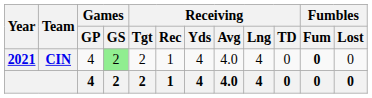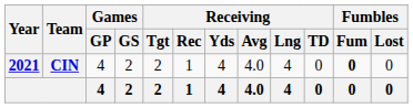 <table class="wikitable" style="text-align: center;">
 <tr>
 <th rowspan="2">Year</th>
 <th rowspan="2">Team</th>
 <th colspan="2">Games</th>
 <th colspan="6">Receiving</th>
 <th colspan="2">Fumbles</th>
 </tr>
 <tr>
 <th>GP</th>
 <th>GS</th>
 <th>Tgt</th>
 <th>Rec</th>
 <th>Yds</th>
 <th>Avg</th>
 <th>Lng</th>
 <th>TD</th>
 <th>Fum</th>
 <th>Lost</th>
 </tr>
 <tr>
 <th><a href='#'>2021</a></th>
 <th><a href='#'>CIN</a></th>
 <td>4</td>
-<td style="background: lightgreen;">2</td>
+<td>2</td>
 <td>2</td>
 <td>1</td>
 <td>4</td>
 <td>4.0</td>
 <td>4</td>
 <td>0</td>
 <td><strong>0</strong></td>
 <td>0</td>
 </tr>
 <tr>
 <th colspan="2"></th>
 <th>4</th>
 <th>2</th>
 <th>2</th>
 <th>1</th>
 <th>4</th>
 <th>4.0</th>
 <th>4</th>
 <th>0</th>
 <th>0</th>
 <th>0</th>
 </tr>
 </table>
